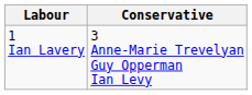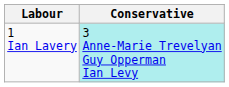 <table class="wikitable">
 <tr>
 <th>Labour</th>
 <th>Conservative</th>
 </tr>
 <tr>
 <td valign=top>1<br><a href='#'>Ian Lavery</a></td>
-<td>3<br><a href='#'>Anne-Marie Trevelyan</a><br><a href='#'>Guy Opperman</a><br><a href='#'>Ian Levy</a></td>
+<td style="background: paleturquoise;">3<br><a href='#'>Anne-Marie Trevelyan</a><br><a href='#'>Guy Opperman</a><br><a href='#'>Ian Levy</a></td>
 </tr>
 </table>
